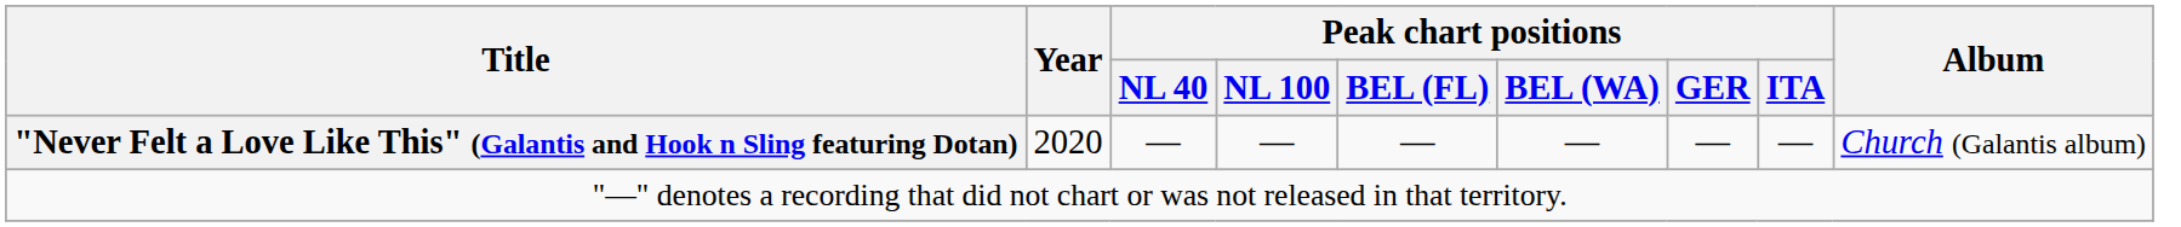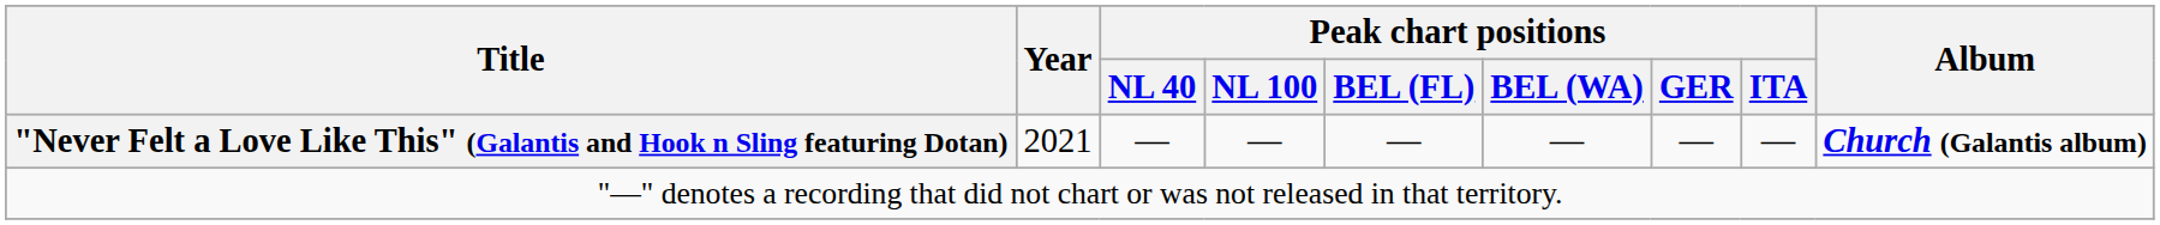 <table class="wikitable plainrowheaders">
 <tr>
 <th scope="col" rowspan="2">Title</th>
 <th scope="col" rowspan="2">Year</th>
 <th scope="colgroup" colspan="6">Peak chart positions</th>
 <th scope="col" rowspan="2">Album</th>
 </tr>
 <tr>
 <th scope="col"><a href='#'>NL 40</a></th>
 <th scope="col"><a href='#'>NL 100</a></th>
 <th scope="col"><a href='#'>BEL (FL)</a></th>
 <th scope="col"><a href='#'>BEL (WA)</a></th>
 <th scope="col"><a href='#'>GER</a></th>
 <th scope="col"><a href='#'>ITA</a></th>
 </tr>
 <tr style="text-align: center;">
 <th scope="row">"Never Felt a Love Like This" <small>(<a href='#'>Galantis</a> and <a href='#'>Hook n Sling</a> featuring Dotan)</small></th>
-<td>2020</td>
+<td>2021</td>
 <td>—</td>
 <td>—</td>
 <td>—</td>
 <td>—</td>
 <td>—</td>
 <td>—</td>
-<td><em><a href='#'>Church</a></em> <small>(Galantis album)</small></td>
+<td><strong><em><a href='#'>Church</a></em> <small>(Galantis album)</small></strong></td>
 </tr>
 <tr>
 <td colspan="9" style="font-size: 90%; text-align: center;">"—" denotes a recording that did not chart or was not released in that territory.</td>
 </tr>
 </table>
